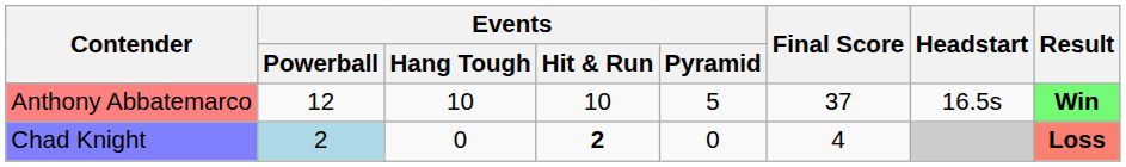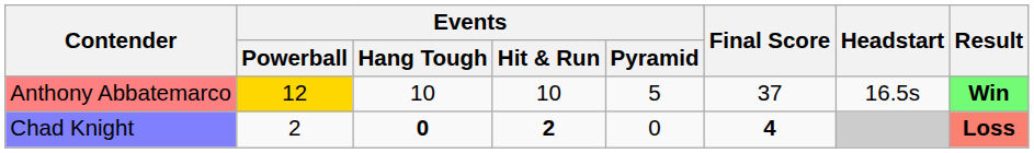 <table class="wikitable" style="text-align:center;">
 <tr>
 <th rowspan=2>Contender</th>
 <th colspan=4>Events</th>
 <th rowspan=2>Final Score</th>
 <th rowspan=2>Headstart</th>
 <th rowspan=2>Result</th>
 </tr>
 <tr>
 <th>Powerball</th>
 <th>Hang Tough</th>
 <th>Hit & Run</th>
 <th>Pyramid</th>
 </tr>
 <tr>
 <td bgcolor=#ff8080 style="text-align:left;">Anthony Abbatemarco</td>
-<td>12</td>
+<td style="background: gold;">12</td>
 <td>10</td>
 <td>10</td>
 <td>5</td>
 <td>37</td>
 <td>16.5s</td>
 <td style="text-align:center; background:#73fb76;"><strong>Win</strong></td>
 </tr>
 <tr>
 <td bgcolor=#8080ff style="text-align:left;">Chad Knight</td>
-<td style="background: lightblue;">2</td>
-<td>0</td>
+<td>2</td>
+<td><strong>0</strong></td>
 <td><strong>2</strong></td>
 <td>0</td>
-<td>4</td>
+<td><strong>4</strong></td>
 <td style="background:#ccc"></td>
 <td style="text-align:center; background:salmon;"><strong>Loss</strong></td>
 </tr>
 </table>
